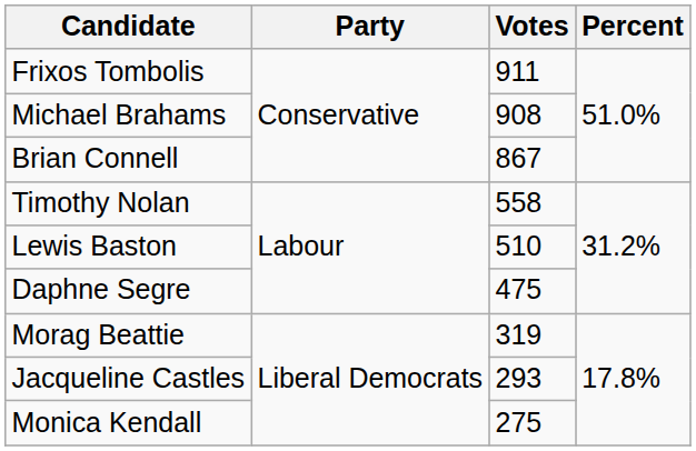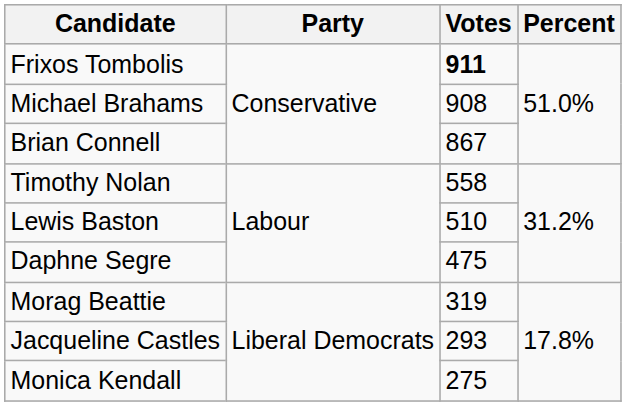 <table class="wikitable">
 <tr>
 <th>Candidate</th>
 <th>Party</th>
 <th>Votes</th>
 <th>Percent</th>
 </tr>
 <tr>
 <td>Frixos Tombolis</td>
 <td rowspan="3">Conservative</td>
-<td>911</td>
+<td><strong>911</strong></td>
 <td rowspan="3">51.0%</td>
 </tr>
 <tr>
 <td>Michael Brahams</td>
 <td>908</td>
 </tr>
 <tr>
 <td>Brian Connell</td>
 <td>867</td>
 </tr>
 <tr>
 <td>Timothy Nolan</td>
 <td rowspan="3">Labour</td>
 <td>558</td>
 <td rowspan="3">31.2%</td>
 </tr>
 <tr>
 <td>Lewis Baston</td>
 <td>510</td>
 </tr>
 <tr>
 <td>Daphne Segre</td>
 <td>475</td>
 </tr>
 <tr>
 <td>Morag Beattie</td>
 <td rowspan="3">Liberal Democrats</td>
 <td>319</td>
 <td rowspan="3">17.8%</td>
 </tr>
 <tr>
 <td>Jacqueline Castles</td>
 <td>293</td>
 </tr>
 <tr>
 <td>Monica Kendall</td>
 <td>275</td>
 </tr>
 </table>
